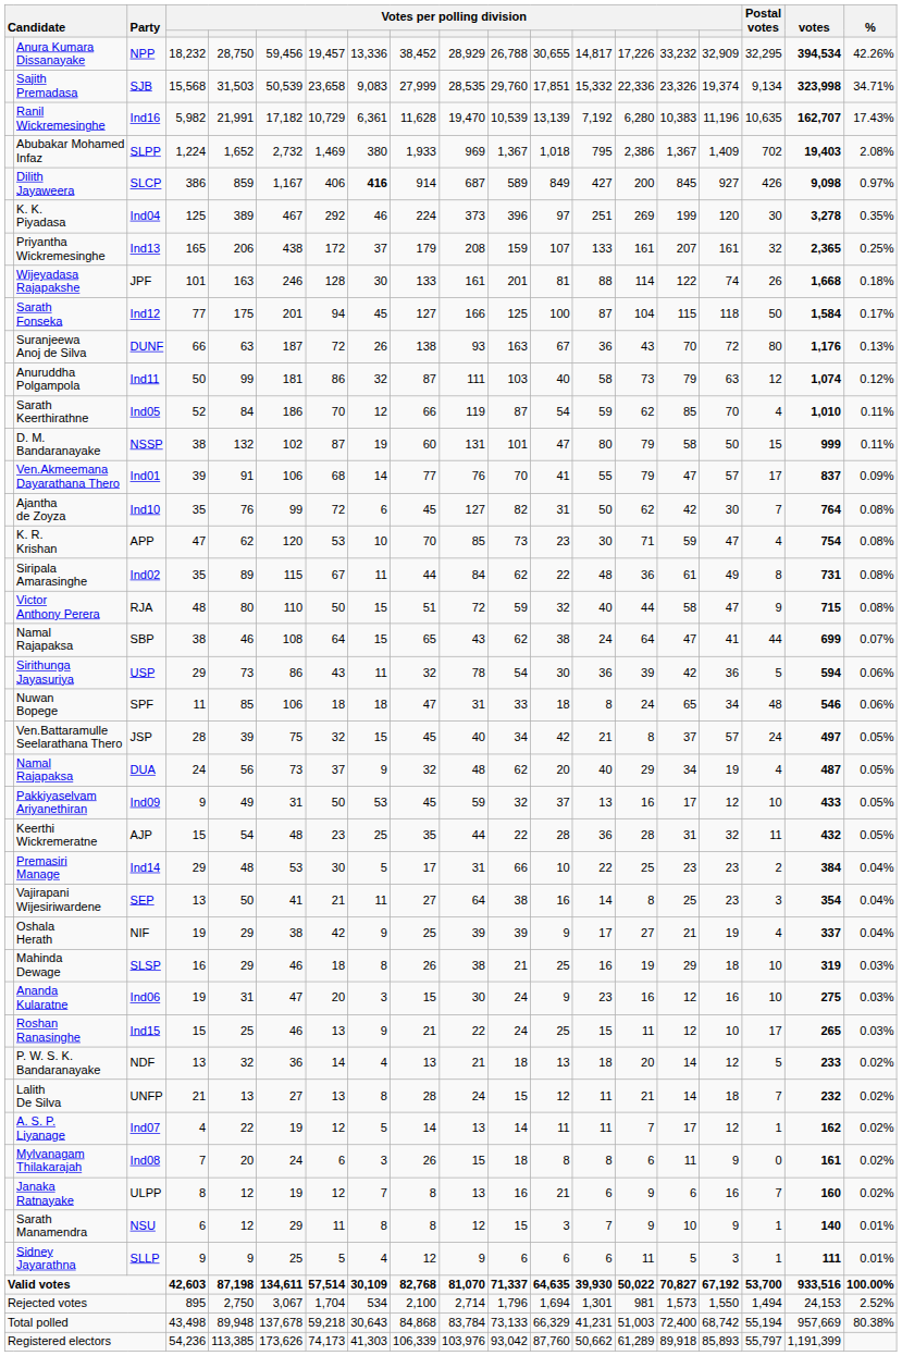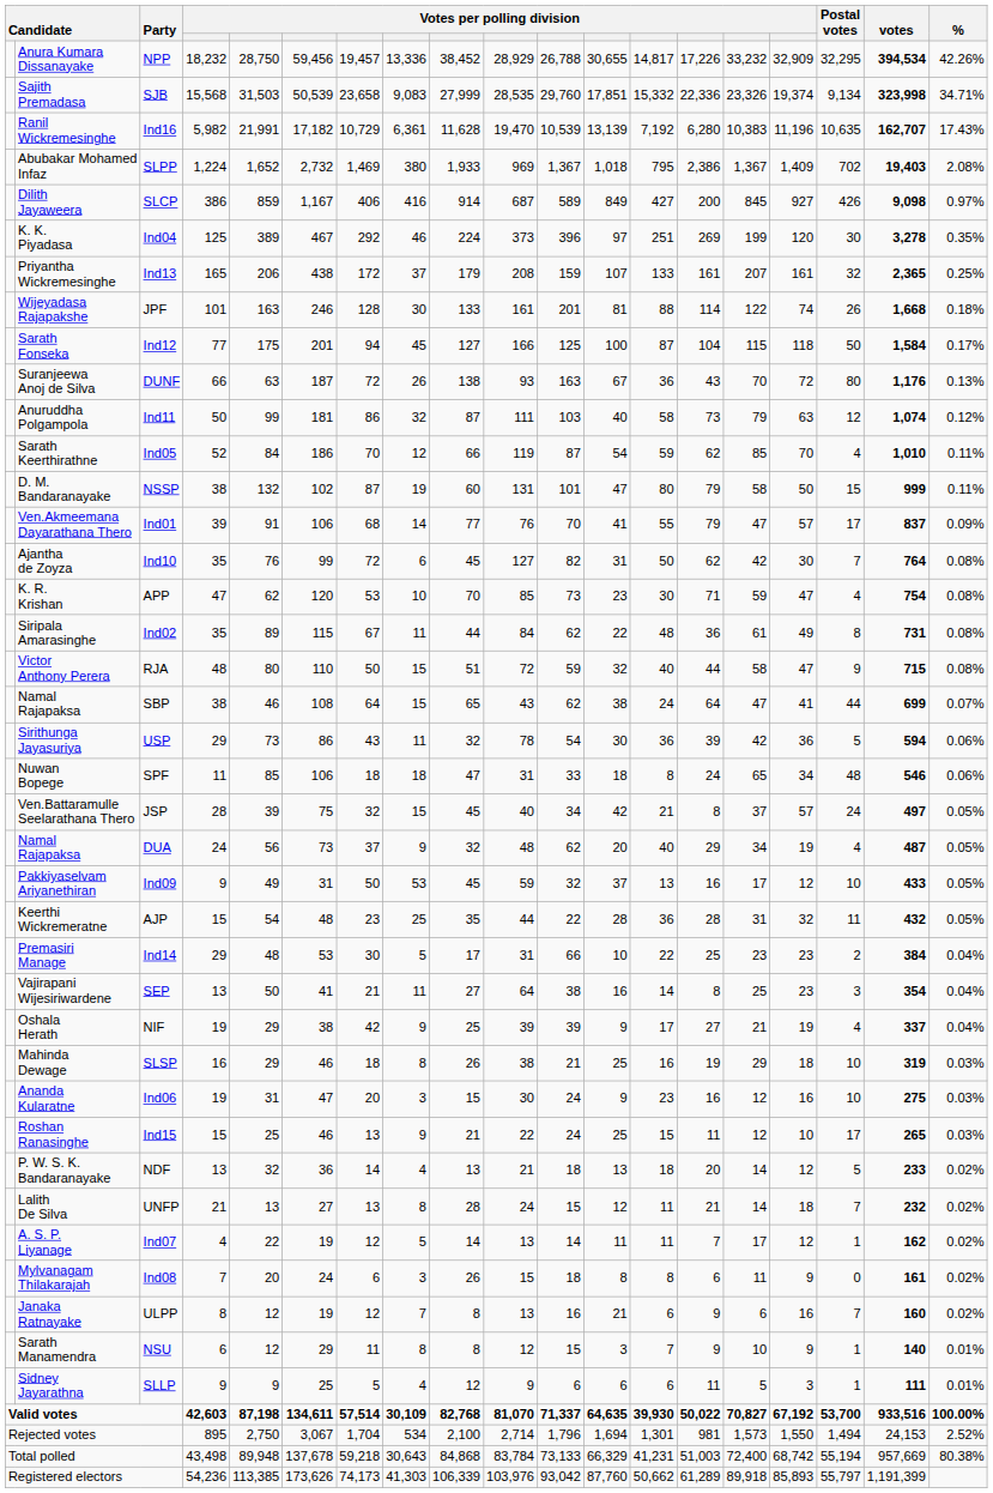 <table class="wikitable" style="text-align:right;">
 <tr>
 <th style="text-align:left; vertical-align:bottom;" rowspan="2" colspan="2">Candidate</th>
 <th rowspan="2" style="vertical-align:bottom; text-align:left; width:40px;">Party</th>
 <th colspan=13>Votes per polling division</th>
 <th rowspan="2" style="vertical-align:bottom; text-align:center; width:50px;">Postal<br>votes</th>
 <th rowspan="2" style="vertical-align:bottom; text-align:center; width:50px;">votes</th>
 <th rowspan="2" style="vertical-align:bottom; text-align:center; width:50px;">%</th>
 </tr>
 <tr>
 <th></th>
 <th></th>
 <th></th>
 <th></th>
 <th></th>
 <th></th>
 <th></th>
 <th></th>
 <th></th>
 <th></th>
 <th></th>
 <th></th>
 <th></th>
 </tr>
 <tr>
 <td bgcolor=> </td>
 <td align=left><a href='#'>Anura Kumara<br>Dissanayake</a></td>
 <td align=left><a href='#'>NPP</a></td>
 <td>18,232</td>
 <td>28,750</td>
 <td>59,456</td>
 <td>19,457</td>
 <td>13,336</td>
 <td>38,452</td>
 <td>28,929</td>
 <td>26,788</td>
 <td>30,655</td>
 <td>14,817</td>
 <td>17,226</td>
 <td>33,232</td>
 <td>32,909</td>
 <td>32,295</td>
 <td><strong>394,534</strong></td>
 <td>42.26%</td>
 </tr>
 <tr>
 <td bgcolor=> </td>
 <td align=left><a href='#'>Sajith<br>Premadasa</a></td>
 <td align=left><a href='#'>SJB</a></td>
 <td>15,568</td>
 <td>31,503</td>
 <td>50,539</td>
 <td>23,658</td>
 <td>9,083</td>
 <td>27,999</td>
 <td>28,535</td>
 <td>29,760</td>
 <td>17,851</td>
 <td>15,332</td>
 <td>22,336</td>
 <td>23,326</td>
 <td>19,374</td>
 <td>9,134</td>
 <td><strong>323,998</strong></td>
 <td>34.71%</td>
 </tr>
 <tr>
 <td bgcolor=> </td>
 <td align=left><a href='#'>Ranil<br>Wickremesinghe</a></td>
 <td align=left><a href='#'>Ind16</a></td>
 <td>5,982</td>
 <td>21,991</td>
 <td>17,182</td>
 <td>10,729</td>
 <td>6,361</td>
 <td>11,628</td>
 <td>19,470</td>
 <td>10,539</td>
 <td>13,139</td>
 <td>7,192</td>
 <td>6,280</td>
 <td>10,383</td>
 <td>11,196</td>
 <td>10,635</td>
 <td><strong>162,707</strong></td>
 <td>17.43%</td>
 </tr>
 <tr>
 <td bgcolor=> </td>
 <td align=left>Abubakar Mohamed<br>Infaz</td>
 <td align=left><a href='#'>SLPP</a></td>
 <td>1,224</td>
 <td>1,652</td>
 <td>2,732</td>
 <td>1,469</td>
 <td>380</td>
 <td>1,933</td>
 <td>969</td>
 <td>1,367</td>
 <td>1,018</td>
 <td>795</td>
 <td>2,386</td>
 <td>1,367</td>
 <td>1,409</td>
 <td>702</td>
 <td><strong>19,403</strong></td>
 <td>2.08%</td>
 </tr>
 <tr>
 <td bgcolor=> </td>
 <td align=left><a href='#'>Dilith<br>Jayaweera</a></td>
 <td align=left><a href='#'>SLCP</a></td>
 <td>386</td>
 <td>859</td>
 <td>1,167</td>
 <td>406</td>
-<td><strong>416</strong></td>
+<td>416</td>
 <td>914</td>
 <td>687</td>
 <td>589</td>
 <td>849</td>
 <td>427</td>
 <td>200</td>
 <td>845</td>
 <td>927</td>
 <td>426</td>
 <td><strong>9,098</strong></td>
 <td>0.97%</td>
 </tr>
 <tr>
 <td bgcolor=> </td>
 <td align=left>K. K.<br>Piyadasa</td>
 <td align=left><a href='#'>Ind04</a></td>
 <td>125</td>
 <td>389</td>
 <td>467</td>
 <td>292</td>
 <td>46</td>
 <td>224</td>
 <td>373</td>
 <td>396</td>
 <td>97</td>
 <td>251</td>
 <td>269</td>
 <td>199</td>
 <td>120</td>
 <td>30</td>
 <td><strong>3,278</strong></td>
 <td>0.35%</td>
 </tr>
 <tr>
 <td bgcolor=> </td>
 <td align=left>Priyantha<br>Wickremesinghe</td>
 <td align=left><a href='#'>Ind13</a></td>
 <td>165</td>
 <td>206</td>
 <td>438</td>
 <td>172</td>
 <td>37</td>
 <td>179</td>
 <td>208</td>
 <td>159</td>
 <td>107</td>
 <td>133</td>
 <td>161</td>
 <td>207</td>
 <td>161</td>
 <td>32</td>
 <td><strong>2,365</strong></td>
 <td>0.25%</td>
 </tr>
 <tr>
 <td bgcolor=> </td>
 <td align=left><a href='#'>Wijeyadasa<br>Rajapakshe</a></td>
 <td align=left>JPF</td>
 <td>101</td>
 <td>163</td>
 <td>246</td>
 <td>128</td>
 <td>30</td>
 <td>133</td>
 <td>161</td>
 <td>201</td>
 <td>81</td>
 <td>88</td>
 <td>114</td>
 <td>122</td>
 <td>74</td>
 <td>26</td>
 <td><strong>1,668</strong></td>
 <td>0.18%</td>
 </tr>
 <tr>
 <td bgcolor=> </td>
 <td align=left><a href='#'>Sarath<br>Fonseka</a></td>
 <td align=left><a href='#'>Ind12</a></td>
 <td>77</td>
 <td>175</td>
 <td>201</td>
 <td>94</td>
 <td>45</td>
 <td>127</td>
 <td>166</td>
 <td>125</td>
 <td>100</td>
 <td>87</td>
 <td>104</td>
 <td>115</td>
 <td>118</td>
 <td>50</td>
 <td><strong>1,584</strong></td>
 <td>0.17%</td>
 </tr>
 <tr>
 <td bgcolor=> </td>
 <td align=left>Suranjeewa<br>Anoj de Silva</td>
 <td align=left><a href='#'>DUNF</a></td>
 <td>66</td>
 <td>63</td>
 <td>187</td>
 <td>72</td>
 <td>26</td>
 <td>138</td>
 <td>93</td>
 <td>163</td>
 <td>67</td>
 <td>36</td>
 <td>43</td>
 <td>70</td>
 <td>72</td>
 <td>80</td>
 <td><strong>1,176</strong></td>
 <td>0.13%</td>
 </tr>
 <tr>
 <td bgcolor=> </td>
 <td align=left>Anuruddha<br>Polgampola</td>
 <td align=left><a href='#'>Ind11</a></td>
 <td>50</td>
 <td>99</td>
 <td>181</td>
 <td>86</td>
 <td>32</td>
 <td>87</td>
 <td>111</td>
 <td>103</td>
 <td>40</td>
 <td>58</td>
 <td>73</td>
 <td>79</td>
 <td>63</td>
 <td>12</td>
 <td><strong>1,074</strong></td>
 <td>0.12%</td>
 </tr>
 <tr>
 <td bgcolor=> </td>
 <td align=left>Sarath<br>Keerthirathne</td>
 <td align=left><a href='#'>Ind05</a></td>
 <td>52</td>
 <td>84</td>
 <td>186</td>
 <td>70</td>
 <td>12</td>
 <td>66</td>
 <td>119</td>
 <td>87</td>
 <td>54</td>
 <td>59</td>
 <td>62</td>
 <td>85</td>
 <td>70</td>
 <td>4</td>
 <td><strong>1,010</strong></td>
 <td>0.11%</td>
 </tr>
 <tr>
 <td bgcolor=> </td>
 <td align=left>D. M.<br>Bandaranayake</td>
 <td align=left><a href='#'>NSSP</a></td>
 <td>38</td>
 <td>132</td>
 <td>102</td>
 <td>87</td>
 <td>19</td>
 <td>60</td>
 <td>131</td>
 <td>101</td>
 <td>47</td>
 <td>80</td>
 <td>79</td>
 <td>58</td>
 <td>50</td>
 <td>15</td>
 <td><strong>999</strong></td>
 <td>0.11%</td>
 </tr>
 <tr>
 <td bgcolor=> </td>
 <td align=left><a href='#'>Ven.Akmeemana<br>Dayarathana Thero</a></td>
 <td align=left><a href='#'>Ind01</a></td>
 <td>39</td>
 <td>91</td>
 <td>106</td>
 <td>68</td>
 <td>14</td>
 <td>77</td>
 <td>76</td>
 <td>70</td>
 <td>41</td>
 <td>55</td>
 <td>79</td>
 <td>47</td>
 <td>57</td>
 <td>17</td>
 <td><strong>837</strong></td>
 <td>0.09%</td>
 </tr>
 <tr>
 <td bgcolor=> </td>
 <td align=left>Ajantha<br>de Zoyza</td>
 <td align=left><a href='#'>Ind10</a></td>
 <td>35</td>
 <td>76</td>
 <td>99</td>
 <td>72</td>
 <td>6</td>
 <td>45</td>
 <td>127</td>
 <td>82</td>
 <td>31</td>
 <td>50</td>
 <td>62</td>
 <td>42</td>
 <td>30</td>
 <td>7</td>
 <td><strong>764</strong></td>
 <td>0.08%</td>
 </tr>
 <tr>
 <td bgcolor=> </td>
 <td align=left>K. R.<br>Krishan</td>
 <td align=left>APP</td>
 <td>47</td>
 <td>62</td>
 <td>120</td>
 <td>53</td>
 <td>10</td>
 <td>70</td>
 <td>85</td>
 <td>73</td>
 <td>23</td>
 <td>30</td>
 <td>71</td>
 <td>59</td>
 <td>47</td>
 <td>4</td>
 <td><strong>754</strong></td>
 <td>0.08%</td>
 </tr>
 <tr>
 <td bgcolor=> </td>
 <td align=left>Siripala<br>Amarasinghe</td>
 <td align=left><a href='#'>Ind02</a></td>
 <td>35</td>
 <td>89</td>
 <td>115</td>
 <td>67</td>
 <td>11</td>
 <td>44</td>
 <td>84</td>
 <td>62</td>
 <td>22</td>
 <td>48</td>
 <td>36</td>
 <td>61</td>
 <td>49</td>
 <td>8</td>
 <td><strong>731</strong></td>
 <td>0.08%</td>
 </tr>
 <tr>
 <td bgcolor=> </td>
 <td align=left><a href='#'>Victor<br>Anthony Perera</a></td>
 <td align=left>RJA</td>
 <td>48</td>
 <td>80</td>
 <td>110</td>
 <td>50</td>
 <td>15</td>
 <td>51</td>
 <td>72</td>
 <td>59</td>
 <td>32</td>
 <td>40</td>
 <td>44</td>
 <td>58</td>
 <td>47</td>
 <td>9</td>
 <td><strong>715</strong></td>
 <td>0.08%</td>
 </tr>
 <tr>
 <td bgcolor=> </td>
 <td align=left>Namal<br>Rajapaksa</td>
 <td align=left>SBP</td>
 <td>38</td>
 <td>46</td>
 <td>108</td>
 <td>64</td>
 <td>15</td>
 <td>65</td>
 <td>43</td>
 <td>62</td>
 <td>38</td>
 <td>24</td>
 <td>64</td>
 <td>47</td>
 <td>41</td>
 <td>44</td>
 <td><strong>699</strong></td>
 <td>0.07%</td>
 </tr>
 <tr>
 <td bgcolor=> </td>
 <td align=left><a href='#'>Sirithunga<br>Jayasuriya</a></td>
 <td align=left><a href='#'>USP</a></td>
 <td>29</td>
 <td>73</td>
 <td>86</td>
 <td>43</td>
 <td>11</td>
 <td>32</td>
 <td>78</td>
 <td>54</td>
 <td>30</td>
 <td>36</td>
 <td>39</td>
 <td>42</td>
 <td>36</td>
 <td>5</td>
 <td><strong>594</strong></td>
 <td>0.06%</td>
 </tr>
 <tr>
 <td bgcolor=> </td>
 <td align=left>Nuwan<br>Bopege</td>
 <td align=left>SPF</td>
 <td>11</td>
 <td>85</td>
 <td>106</td>
 <td>18</td>
 <td>18</td>
 <td>47</td>
 <td>31</td>
 <td>33</td>
 <td>18</td>
 <td>8</td>
 <td>24</td>
 <td>65</td>
 <td>34</td>
 <td>48</td>
 <td><strong>546</strong></td>
 <td>0.06%</td>
 </tr>
 <tr>
 <td bgcolor=> </td>
 <td align=left>Ven.Battaramulle<br>Seelarathana Thero</td>
 <td align=left>JSP</td>
 <td>28</td>
 <td>39</td>
 <td>75</td>
 <td>32</td>
 <td>15</td>
 <td>45</td>
 <td>40</td>
 <td>34</td>
 <td>42</td>
 <td>21</td>
 <td>8</td>
 <td>37</td>
 <td>57</td>
 <td>24</td>
 <td><strong>497</strong></td>
 <td>0.05%</td>
 </tr>
 <tr>
 <td bgcolor=> </td>
 <td align=left><a href='#'>Namal<br>Rajapaksa</a></td>
 <td align=left><a href='#'>DUA</a></td>
 <td>24</td>
 <td>56</td>
 <td>73</td>
 <td>37</td>
 <td>9</td>
 <td>32</td>
 <td>48</td>
 <td>62</td>
 <td>20</td>
 <td>40</td>
 <td>29</td>
 <td>34</td>
 <td>19</td>
 <td>4</td>
 <td><strong>487</strong></td>
 <td>0.05%</td>
 </tr>
 <tr>
 <td bgcolor=> </td>
 <td align=left><a href='#'>Pakkiyaselvam<br>Ariyanethiran</a></td>
 <td align=left><a href='#'>Ind09</a></td>
 <td>9</td>
 <td>49</td>
 <td>31</td>
 <td>50</td>
 <td>53</td>
 <td>45</td>
 <td>59</td>
 <td>32</td>
 <td>37</td>
 <td>13</td>
 <td>16</td>
 <td>17</td>
 <td>12</td>
 <td>10</td>
 <td><strong>433</strong></td>
 <td>0.05%</td>
 </tr>
 <tr>
 <td bgcolor=> </td>
 <td align=left>Keerthi<br>Wickremeratne</td>
 <td align=left>AJP</td>
 <td>15</td>
 <td>54</td>
 <td>48</td>
 <td>23</td>
 <td>25</td>
 <td>35</td>
 <td>44</td>
 <td>22</td>
 <td>28</td>
 <td>36</td>
 <td>28</td>
 <td>31</td>
 <td>32</td>
 <td>11</td>
 <td><strong>432</strong></td>
 <td>0.05%</td>
 </tr>
 <tr>
 <td bgcolor=> </td>
 <td align=left><a href='#'>Premasiri<br>Manage</a></td>
 <td align=left><a href='#'>Ind14</a></td>
 <td>29</td>
 <td>48</td>
 <td>53</td>
 <td>30</td>
 <td>5</td>
 <td>17</td>
 <td>31</td>
 <td>66</td>
 <td>10</td>
 <td>22</td>
 <td>25</td>
 <td>23</td>
 <td>23</td>
 <td>2</td>
 <td><strong>384</strong></td>
 <td>0.04%</td>
 </tr>
 <tr>
 <td bgcolor=> </td>
 <td align=left>Vajirapani<br>Wijesiriwardene</td>
 <td align=left><a href='#'>SEP</a></td>
 <td>13</td>
 <td>50</td>
 <td>41</td>
 <td>21</td>
 <td>11</td>
 <td>27</td>
 <td>64</td>
 <td>38</td>
 <td>16</td>
 <td>14</td>
 <td>8</td>
 <td>25</td>
 <td>23</td>
 <td>3</td>
 <td><strong>354</strong></td>
 <td>0.04%</td>
 </tr>
 <tr>
 <td bgcolor=> </td>
 <td align=left>Oshala<br>Herath</td>
 <td align=left>NIF</td>
 <td>19</td>
 <td>29</td>
 <td>38</td>
 <td>42</td>
 <td>9</td>
 <td>25</td>
 <td>39</td>
 <td>39</td>
 <td>9</td>
 <td>17</td>
 <td>27</td>
 <td>21</td>
 <td>19</td>
 <td>4</td>
 <td><strong>337</strong></td>
 <td>0.04%</td>
 </tr>
 <tr>
 <td bgcolor=> </td>
 <td align=left>Mahinda<br>Dewage</td>
 <td align=left><a href='#'>SLSP</a></td>
 <td>16</td>
 <td>29</td>
 <td>46</td>
 <td>18</td>
 <td>8</td>
 <td>26</td>
 <td>38</td>
 <td>21</td>
 <td>25</td>
 <td>16</td>
 <td>19</td>
 <td>29</td>
 <td>18</td>
 <td>10</td>
 <td><strong>319</strong></td>
 <td>0.03%</td>
 </tr>
 <tr>
 <td bgcolor=> </td>
 <td align=left><a href='#'>Ananda<br>Kularatne</a></td>
 <td align=left><a href='#'>Ind06</a></td>
 <td>19</td>
 <td>31</td>
 <td>47</td>
 <td>20</td>
 <td>3</td>
 <td>15</td>
 <td>30</td>
 <td>24</td>
 <td>9</td>
 <td>23</td>
 <td>16</td>
 <td>12</td>
 <td>16</td>
 <td>10</td>
 <td><strong>275</strong></td>
 <td>0.03%</td>
 </tr>
 <tr>
 <td bgcolor=> </td>
 <td align=left><a href='#'>Roshan<br>Ranasinghe</a></td>
 <td align=left><a href='#'>Ind15</a></td>
 <td>15</td>
 <td>25</td>
 <td>46</td>
 <td>13</td>
 <td>9</td>
 <td>21</td>
 <td>22</td>
 <td>24</td>
 <td>25</td>
 <td>15</td>
 <td>11</td>
 <td>12</td>
 <td>10</td>
 <td>17</td>
 <td><strong>265</strong></td>
 <td>0.03%</td>
 </tr>
 <tr>
 <td bgcolor=> </td>
 <td align=left>P. W. S. K.<br>Bandaranayake</td>
 <td align=left>NDF</td>
 <td>13</td>
 <td>32</td>
 <td>36</td>
 <td>14</td>
 <td>4</td>
 <td>13</td>
 <td>21</td>
 <td>18</td>
 <td>13</td>
 <td>18</td>
 <td>20</td>
 <td>14</td>
 <td>12</td>
 <td>5</td>
 <td><strong>233</strong></td>
 <td>0.02%</td>
 </tr>
 <tr>
 <td bgcolor=> </td>
 <td align=left>Lalith<br>De Silva</td>
 <td align=left>UNFP</td>
 <td>21</td>
 <td>13</td>
 <td>27</td>
 <td>13</td>
 <td>8</td>
 <td>28</td>
 <td>24</td>
 <td>15</td>
 <td>12</td>
 <td>11</td>
 <td>21</td>
 <td>14</td>
 <td>18</td>
 <td>7</td>
 <td><strong>232</strong></td>
 <td>0.02%</td>
 </tr>
 <tr>
 <td bgcolor=> </td>
 <td align=left><a href='#'>A. S. P.<br>Liyanage</a></td>
 <td align=left><a href='#'>Ind07</a></td>
 <td>4</td>
 <td>22</td>
 <td>19</td>
 <td>12</td>
 <td>5</td>
 <td>14</td>
 <td>13</td>
 <td>14</td>
 <td>11</td>
 <td>11</td>
 <td>7</td>
 <td>17</td>
 <td>12</td>
 <td>1</td>
 <td><strong>162</strong></td>
 <td>0.02%</td>
 </tr>
 <tr>
 <td bgcolor=> </td>
 <td align=left><a href='#'>Mylvanagam<br>Thilakarajah</a></td>
 <td align=left><a href='#'>Ind08</a></td>
 <td>7</td>
 <td>20</td>
 <td>24</td>
 <td>6</td>
 <td>3</td>
 <td>26</td>
 <td>15</td>
 <td>18</td>
 <td>8</td>
 <td>8</td>
 <td>6</td>
 <td>11</td>
 <td>9</td>
 <td>0</td>
 <td><strong>161</strong></td>
 <td>0.02%</td>
 </tr>
 <tr>
 <td bgcolor=> </td>
 <td align=left><a href='#'>Janaka<br>Ratnayake</a></td>
 <td align=left>ULPP</td>
 <td>8</td>
 <td>12</td>
 <td>19</td>
 <td>12</td>
 <td>7</td>
 <td>8</td>
 <td>13</td>
 <td>16</td>
 <td>21</td>
 <td>6</td>
 <td>9</td>
 <td>6</td>
 <td>16</td>
 <td>7</td>
 <td><strong>160</strong></td>
 <td>0.02%</td>
 </tr>
 <tr>
 <td bgcolor=> </td>
 <td align=left>Sarath<br>Manamendra</td>
 <td align=left><a href='#'>NSU</a></td>
 <td>6</td>
 <td>12</td>
 <td>29</td>
 <td>11</td>
 <td>8</td>
 <td>8</td>
 <td>12</td>
 <td>15</td>
 <td>3</td>
 <td>7</td>
 <td>9</td>
 <td>10</td>
 <td>9</td>
 <td>1</td>
 <td><strong>140</strong></td>
 <td>0.01%</td>
 </tr>
 <tr>
 <td bgcolor=> </td>
 <td align=left><a href='#'>Sidney<br>Jayarathna</a></td>
 <td align=left><a href='#'>SLLP</a></td>
 <td>9</td>
 <td>9</td>
 <td>25</td>
 <td>5</td>
 <td>4</td>
 <td>12</td>
 <td>9</td>
 <td>6</td>
 <td>6</td>
 <td>6</td>
 <td>11</td>
 <td>5</td>
 <td>3</td>
 <td>1</td>
 <td><strong>111</strong></td>
 <td>0.01%</td>
 </tr>
 <tr style="font-weight:bold">
 <td style="text-align:left;" colspan="3">Valid votes</td>
 <td>42,603</td>
 <td>87,198</td>
 <td>134,611</td>
 <td>57,514</td>
 <td>30,109</td>
 <td>82,768</td>
 <td>81,070</td>
 <td>71,337</td>
 <td>64,635</td>
 <td>39,930</td>
 <td>50,022</td>
 <td>70,827</td>
 <td>67,192</td>
 <td>53,700</td>
 <td>933,516</td>
 <td>100.00%</td>
 </tr>
 <tr>
 <td style="text-align:left;" colspan="3">Rejected votes</td>
 <td>895</td>
 <td>2,750</td>
 <td>3,067</td>
 <td>1,704</td>
 <td>534</td>
 <td>2,100</td>
 <td>2,714</td>
 <td>1,796</td>
 <td>1,694</td>
 <td>1,301</td>
 <td>981</td>
 <td>1,573</td>
 <td>1,550</td>
 <td>1,494</td>
 <td>24,153</td>
 <td>2.52%</td>
 </tr>
 <tr>
 <td style="text-align:left;" colspan="3">Total polled</td>
 <td>43,498</td>
 <td>89,948</td>
 <td>137,678</td>
 <td>59,218</td>
 <td>30,643</td>
 <td>84,868</td>
 <td>83,784</td>
 <td>73,133</td>
 <td>66,329</td>
 <td>41,231</td>
 <td>51,003</td>
 <td>72,400</td>
 <td>68,742</td>
 <td>55,194</td>
 <td>957,669</td>
 <td>80.38%</td>
 </tr>
 <tr>
 <td style="text-align:left;" colspan="3">Registered electors</td>
 <td>54,236</td>
 <td>113,385</td>
 <td>173,626</td>
 <td>74,173</td>
 <td>41,303</td>
 <td>106,339</td>
 <td>103,976</td>
 <td>93,042</td>
 <td>87,760</td>
 <td>50,662</td>
 <td>61,289</td>
 <td>89,918</td>
 <td>85,893</td>
 <td>55,797</td>
 <td>1,191,399</td>
 <td></td>
 </tr>
 </table>
